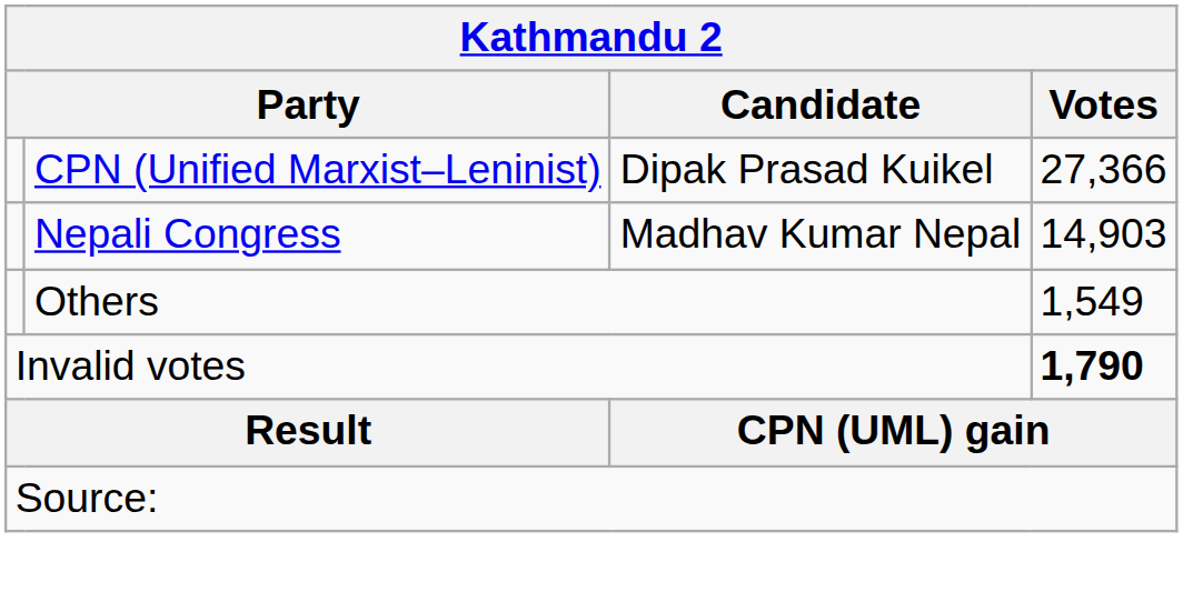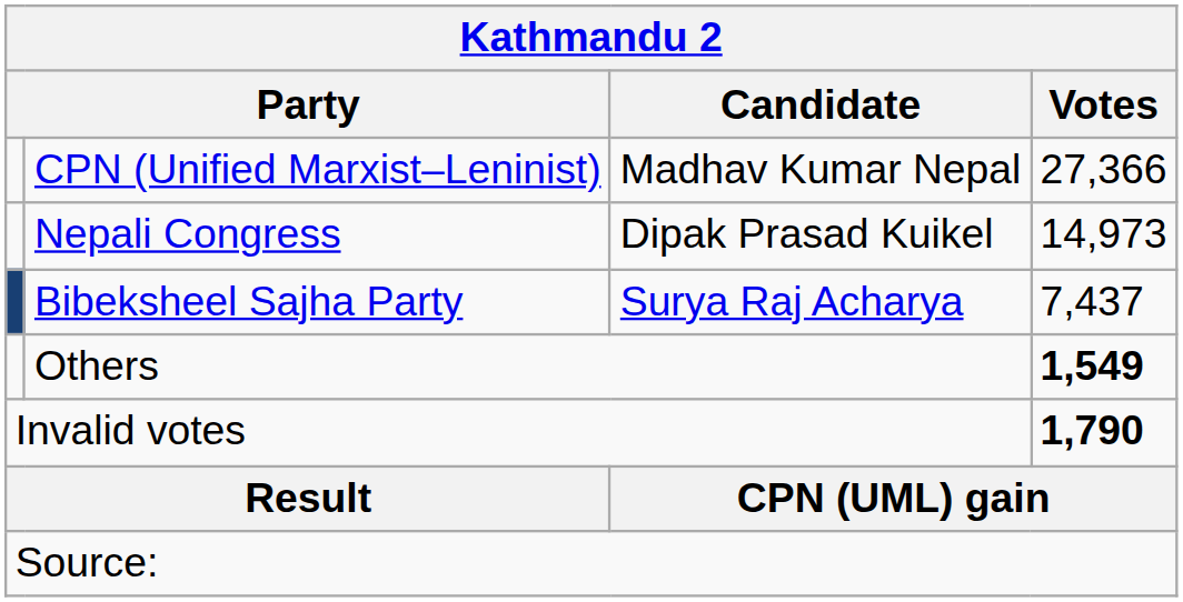 <table class="wikitable">
 <tr>
 <th colspan="4"><a href='#'>Kathmandu 2</a></th>
 </tr>
 <tr>
 <th colspan="2">Party</th>
 <th>Candidate</th>
 <th>Votes</th>
 </tr>
 <tr>
 <td style="background-color:"></td>
 <td><a href='#'>CPN (Unified Marxist–Leninist)</a></td>
-<td>Dipak Prasad Kuikel</td>
+<td>Madhav Kumar Nepal</td>
 <td>27,366</td>
 </tr>
 <tr>
 <td style="background-color:"></td>
 <td><a href='#'>Nepali Congress</a></td>
-<td>Madhav Kumar Nepal</td>
-<td>14,903</td>
+<td>Dipak Prasad Kuikel</td>
+<td>14,973</td>
+</tr>
+<tr>
+<td style="background-color:#183F73"></td>
+<td><a href='#'>Bibeksheel Sajha Party</a></td>
+<td><a href='#'>Surya Raj Acharya</a></td>
+<td>7,437</td>
 </tr>
 <tr>
 <td></td>
 <td colspan="2">Others</td>
-<td>1,549</td>
+<td><strong>1,549</strong></td>
 </tr>
 <tr>
 <td colspan="3">Invalid votes</td>
 <td><strong>1,790</strong></td>
 </tr>
 <tr>
 <th colspan="2">Result</th>
 <th colspan="2">CPN (UML) gain</th>
 </tr>
 <tr>
 <td colspan="4">Source: </td>
 </tr>
 </table>
